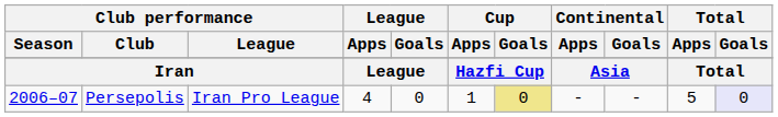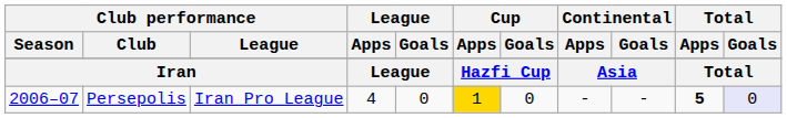 <table class="wikitable" style="text-align:center">
 <tr>
 <th colspan=3>Club performance</th>
 <th colspan=2>League</th>
 <th colspan=2>Cup</th>
 <th colspan=2>Continental</th>
 <th colspan=2>Total</th>
 </tr>
 <tr>
 <th>Season</th>
 <th>Club</th>
 <th>League</th>
 <th>Apps</th>
 <th>Goals</th>
 <th>Apps</th>
 <th>Goals</th>
 <th>Apps</th>
 <th>Goals</th>
 <th>Apps</th>
 <th>Goals</th>
 </tr>
 <tr>
 </tr>
 <tr>
 <th colspan=3>Iran</th>
 <th colspan=2>League</th>
 <th colspan=2><a href='#'>Hazfi Cup</a></th>
 <th colspan=2><a href='#'>Asia</a></th>
 <th colspan=2>Total</th>
 </tr>
 <tr>
 <td><a href='#'>2006–07</a></td>
 <td><a href='#'>Persepolis</a></td>
 <td><a href='#'>Iran Pro League</a></td>
 <td>4</td>
 <td>0</td>
-<td>1</td>
-<td style="background: khaki;">0</td>
+<td style="background: gold;">1</td>
+<td>0</td>
 <td>-</td>
 <td>-</td>
-<td>5</td>
+<td><strong>5</strong></td>
 <td style="background: lavender;">0</td>
 </tr>
 </table>
